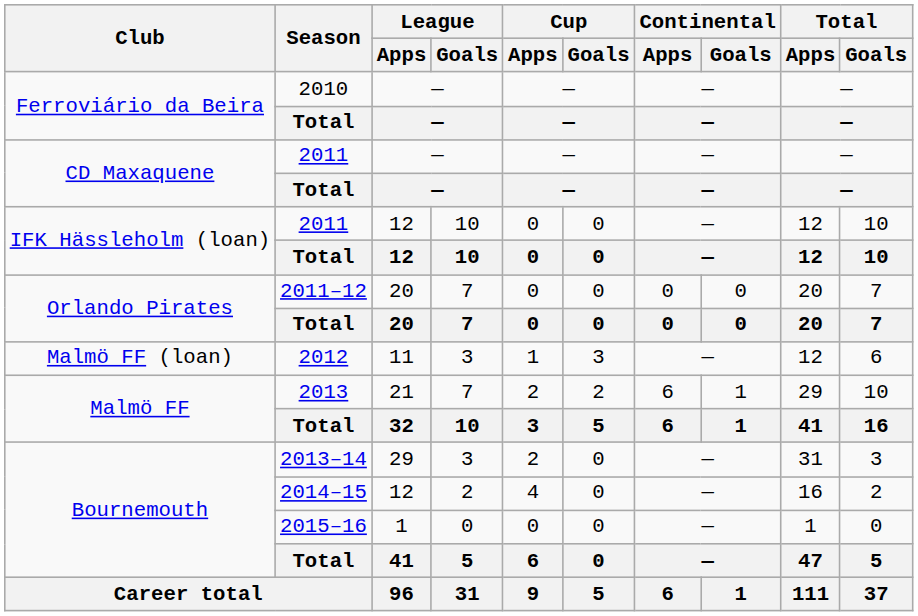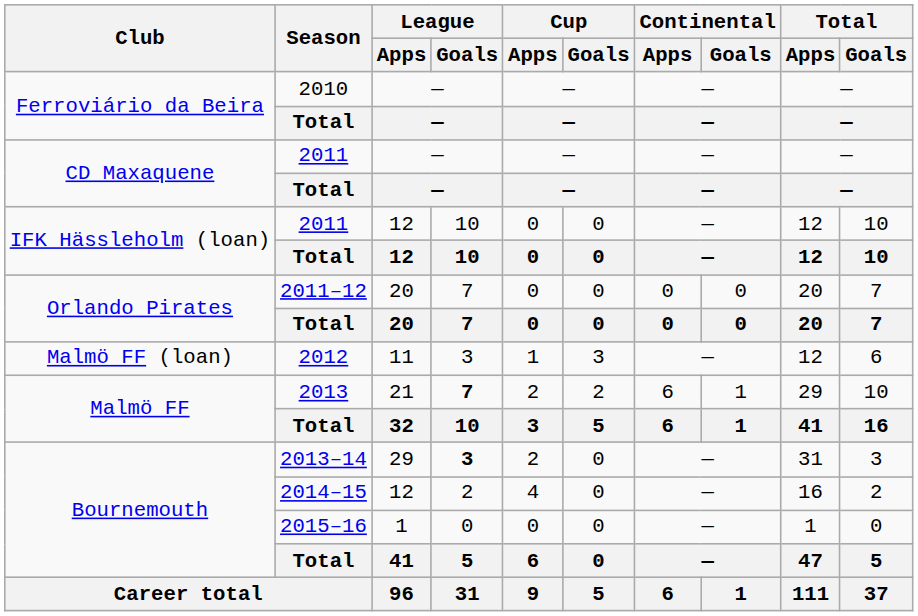 <table class="wikitable" style="text-align:center;">
 <tr>
 <th rowspan="2">Club</th>
 <th rowspan="2">Season</th>
 <th colspan="2">League</th>
 <th colspan="2">Cup</th>
 <th colspan="2">Continental</th>
 <th colspan="2">Total</th>
 </tr>
 <tr>
 <th>Apps</th>
 <th>Goals</th>
 <th>Apps</th>
 <th>Goals</th>
 <th>Apps</th>
 <th>Goals</th>
 <th>Apps</th>
 <th>Goals</th>
 </tr>
 <tr>
 <td rowspan="2"><a href='#'>Ferroviário da Beira</a></td>
 <td>2010</td>
 <td colspan="2">—</td>
 <td colspan="2">—</td>
 <td colspan="2">—</td>
 <td colspan="2">—</td>
 </tr>
 <tr>
 <th>Total</th>
 <th colspan="2">—</th>
 <th colspan="2">—</th>
 <th colspan="2">—</th>
 <th colspan="2">—</th>
 </tr>
 <tr>
 <td rowspan="2"><a href='#'>CD Maxaquene</a></td>
 <td><a href='#'>2011</a></td>
 <td colspan="2">—</td>
 <td colspan="2">—</td>
 <td colspan="2">—</td>
 <td colspan="2">—</td>
 </tr>
 <tr>
 <th>Total</th>
 <th colspan="2">—</th>
 <th colspan="2">—</th>
 <th colspan="2">—</th>
 <th colspan="2">—</th>
 </tr>
 <tr>
 <td rowspan="2"><a href='#'>IFK Hässleholm</a> (loan)</td>
 <td><a href='#'>2011</a></td>
 <td>12</td>
 <td>10</td>
 <td>0</td>
 <td>0</td>
 <td colspan="2">—</td>
 <td>12</td>
 <td>10</td>
 </tr>
 <tr>
 <th>Total</th>
 <th>12</th>
 <th>10</th>
 <th>0</th>
 <th>0</th>
 <th colspan="2">—</th>
 <th>12</th>
 <th>10</th>
 </tr>
 <tr>
 <td rowspan="2"><a href='#'>Orlando Pirates</a></td>
 <td><a href='#'>2011–12</a></td>
 <td>20</td>
 <td>7</td>
 <td>0</td>
 <td>0</td>
 <td>0</td>
 <td>0</td>
 <td>20</td>
 <td>7</td>
 </tr>
 <tr>
 <th>Total</th>
 <th>20</th>
 <th>7</th>
 <th>0</th>
 <th>0</th>
 <th>0</th>
 <th>0</th>
 <th>20</th>
 <th>7</th>
 </tr>
 <tr>
 <td><a href='#'>Malmö FF</a> (loan)</td>
 <td><a href='#'>2012</a></td>
 <td>11</td>
 <td>3</td>
 <td>1</td>
 <td>3</td>
 <td colspan="2">—</td>
 <td>12</td>
 <td>6</td>
 </tr>
 <tr>
 <td rowspan="2"><a href='#'>Malmö FF</a></td>
 <td><a href='#'>2013</a></td>
 <td>21</td>
-<td>7</td>
+<td><strong>7</strong></td>
 <td>2</td>
 <td>2</td>
 <td>6</td>
 <td>1</td>
 <td>29</td>
 <td>10</td>
 </tr>
 <tr>
 <th>Total</th>
 <th>32</th>
 <th>10</th>
 <th>3</th>
 <th>5</th>
 <th>6</th>
 <th>1</th>
 <th>41</th>
 <th>16</th>
 </tr>
 <tr>
 <td rowspan="4"><a href='#'>Bournemouth</a></td>
 <td><a href='#'>2013–14</a></td>
 <td>29</td>
-<td>3</td>
+<td><strong>3</strong></td>
 <td>2</td>
 <td>0</td>
 <td colspan="2">—</td>
 <td>31</td>
 <td>3</td>
 </tr>
 <tr>
 <td><a href='#'>2014–15</a></td>
 <td>12</td>
 <td>2</td>
 <td>4</td>
 <td>0</td>
 <td colspan="2">—</td>
 <td>16</td>
 <td>2</td>
 </tr>
 <tr>
 <td><a href='#'>2015–16</a></td>
 <td>1</td>
 <td>0</td>
 <td>0</td>
 <td>0</td>
 <td colspan="2">—</td>
 <td>1</td>
 <td>0</td>
 </tr>
 <tr>
 <th>Total</th>
 <th>41</th>
 <th>5</th>
 <th>6</th>
 <th>0</th>
 <th colspan="2">—</th>
 <th>47</th>
 <th>5</th>
 </tr>
 <tr>
 <th colspan="2">Career total</th>
 <th>96</th>
 <th>31</th>
 <th>9</th>
 <th>5</th>
 <th>6</th>
 <th>1</th>
 <th>111</th>
 <th>37</th>
 </tr>
 </table>
